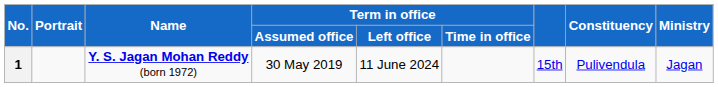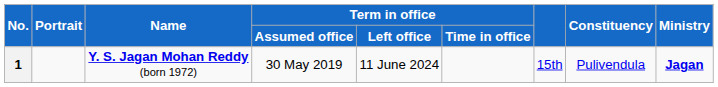 <table class="wikitable sortable" style="text-align: center;">
 <tr>
 <th rowspan=2 style="background-color:#1569C7;color:white">No.</th>
 <th rowspan=2 style="background-color:#1569C7;color:white">Portrait</th>
 <th rowspan=2 style="background-color:#1569C7;color:white">Name<br></th>
 <th colspan=3 style="background-color:#1569C7;color:white">Term in office</th>
 <th rowspan=2 style="background-color:#1569C7;color:white"><a href='#'></a><br></th>
 <th rowspan=2 style="background-color:#1569C7;color:white">Constituency</th>
 <th rowspan=2 style="background-color:#1569C7;color:white">Ministry</th>
 </tr>
 <tr>
 <th style="background-color:#1569C7;color:white">Assumed office</th>
 <th style="background-color:#1569C7;color:white">Left office</th>
 <th style="background-color:#1569C7;color:white">Time in office</th>
 </tr>
 <tr>
 <th>1</th>
 <td></td>
 <td><strong><a href='#'>Y. S. Jagan Mohan Reddy</a></strong><br><small>(born 1972)</small></td>
 <td>30 May 2019</td>
 <td>11 June 2024</td>
 <td></td>
 <td><a href='#'>15th</a><br></td>
 <td><a href='#'>Pulivendula</a></td>
-<td><a href='#'>Jagan</a></td>
+<td><strong><a href='#'>Jagan</a></strong></td>
 </tr>
 </table>
